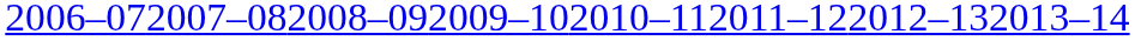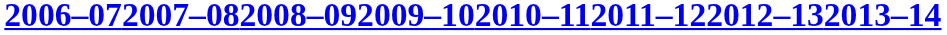 <table id="toc" class="toc" summary="Contents">
 <tr>
 <th></th>
 </tr>
 <tr>
-<td align="center"><br><a href='#'>2006–07</a><a href='#'>2007–08</a><a href='#'>2008–09</a><a href='#'>2009–10</a><a href='#'>2010–11</a><a href='#'>2011–12</a><a href='#'>2012–13</a><a href='#'>2013–14</a></td>
+<td align="center"><strong><br><a href='#'>2006–07</a><a href='#'>2007–08</a><a href='#'>2008–09</a><a href='#'>2009–10</a><a href='#'>2010–11</a><a href='#'>2011–12</a><a href='#'>2012–13</a><a href='#'>2013–14</a></strong></td>
 </tr>
 </table>
